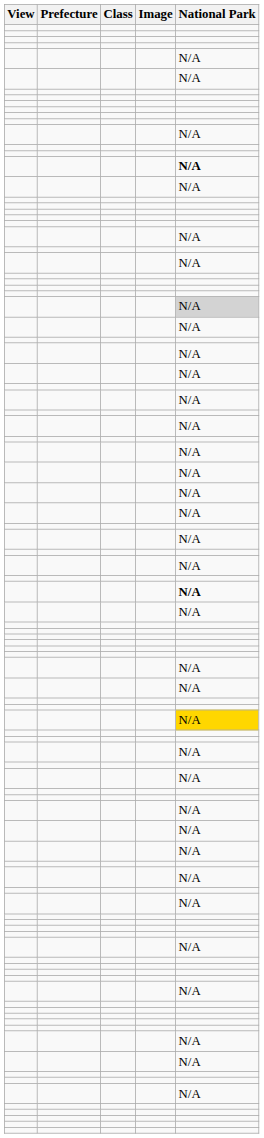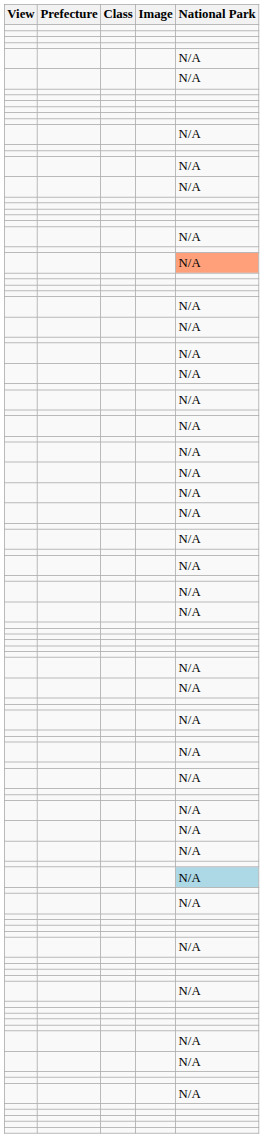 <table class="wikitable sortable">
 <tr>
 <th>View</th>
 <th>Prefecture</th>
 <th>Class</th>
 <th>Image</th>
 <th>National Park</th>
 </tr>
 <tr>
 <td></td>
 <td></td>
 <td></td>
 <td></td>
 <td></td>
 </tr>
 <tr>
 <td></td>
 <td></td>
 <td></td>
 <td></td>
 <td></td>
 </tr>
 <tr>
 <td></td>
 <td></td>
 <td></td>
 <td></td>
 <td></td>
 </tr>
 <tr>
 <td></td>
 <td></td>
 <td></td>
 <td></td>
 <td></td>
 </tr>
 <tr>
 <td></td>
 <td></td>
 <td></td>
 <td></td>
 <td>N/A</td>
 </tr>
 <tr>
 <td></td>
 <td></td>
 <td></td>
 <td></td>
 <td>N/A</td>
 </tr>
 <tr>
 <td></td>
 <td></td>
 <td></td>
 <td></td>
 <td></td>
 </tr>
 <tr>
 <td></td>
 <td></td>
 <td></td>
 <td></td>
 <td></td>
 </tr>
 <tr>
 <td></td>
 <td></td>
 <td></td>
 <td></td>
 <td></td>
 </tr>
 <tr>
 <td></td>
 <td></td>
 <td></td>
 <td></td>
 <td></td>
 </tr>
 <tr>
 <td></td>
 <td></td>
 <td></td>
 <td></td>
 <td></td>
 </tr>
 <tr>
 <td></td>
 <td></td>
 <td></td>
 <td></td>
 <td></td>
 </tr>
 <tr>
 <td></td>
 <td></td>
 <td></td>
 <td></td>
 <td>N/A</td>
 </tr>
 <tr>
 <td></td>
 <td></td>
 <td></td>
 <td></td>
 <td></td>
 </tr>
 <tr>
 <td></td>
 <td></td>
 <td></td>
 <td></td>
 <td></td>
 </tr>
 <tr>
 <td></td>
 <td></td>
 <td></td>
 <td></td>
-<td><strong>N/A</strong></td>
+<td>N/A</td>
 </tr>
 <tr>
 <td></td>
 <td></td>
 <td></td>
 <td></td>
 <td>N/A</td>
 </tr>
 <tr>
 <td></td>
 <td></td>
 <td></td>
 <td></td>
 <td></td>
 </tr>
 <tr>
 <td></td>
 <td></td>
 <td></td>
 <td></td>
 <td></td>
 </tr>
 <tr>
 <td></td>
 <td></td>
 <td></td>
 <td></td>
 <td></td>
 </tr>
 <tr>
 <td></td>
 <td></td>
 <td></td>
 <td></td>
 <td></td>
 </tr>
 <tr>
 <td></td>
 <td></td>
 <td></td>
 <td></td>
 <td></td>
 </tr>
 <tr>
 <td></td>
 <td></td>
 <td></td>
 <td></td>
 <td>N/A</td>
 </tr>
 <tr>
 <td></td>
 <td></td>
 <td></td>
 <td></td>
 <td></td>
 </tr>
 <tr>
 <td></td>
 <td></td>
 <td></td>
 <td></td>
-<td>N/A</td>
+<td style="background: lightsalmon;">N/A</td>
 </tr>
 <tr>
 <td></td>
 <td></td>
 <td></td>
 <td></td>
 <td></td>
 </tr>
 <tr>
 <td></td>
 <td></td>
 <td></td>
 <td></td>
 <td></td>
 </tr>
 <tr>
 <td></td>
 <td></td>
 <td></td>
 <td></td>
 <td></td>
 </tr>
 <tr>
 <td></td>
 <td></td>
 <td></td>
 <td></td>
 <td></td>
 </tr>
 <tr>
 <td></td>
 <td></td>
 <td></td>
 <td></td>
-<td style="background: lightgrey;">N/A</td>
+<td>N/A</td>
 </tr>
 <tr>
 <td></td>
 <td></td>
 <td></td>
 <td></td>
 <td>N/A</td>
 </tr>
 <tr>
 <td></td>
 <td></td>
 <td></td>
 <td></td>
 <td></td>
 </tr>
 <tr>
 <td></td>
 <td></td>
 <td></td>
 <td></td>
 <td>N/A</td>
 </tr>
 <tr>
 <td></td>
 <td></td>
 <td></td>
 <td></td>
 <td>N/A</td>
 </tr>
 <tr>
 <td></td>
 <td></td>
 <td></td>
 <td></td>
 <td></td>
 </tr>
 <tr>
 <td></td>
 <td></td>
 <td></td>
 <td></td>
 <td>N/A</td>
 </tr>
 <tr>
 <td></td>
 <td></td>
 <td></td>
 <td></td>
 <td></td>
 </tr>
 <tr>
 <td></td>
 <td></td>
 <td></td>
 <td></td>
 <td>N/A</td>
 </tr>
 <tr>
 <td></td>
 <td></td>
 <td></td>
 <td></td>
 <td></td>
 </tr>
 <tr>
 <td></td>
 <td></td>
 <td></td>
 <td></td>
 <td>N/A</td>
 </tr>
 <tr>
 <td></td>
 <td></td>
 <td></td>
 <td></td>
 <td>N/A</td>
 </tr>
 <tr>
 <td></td>
 <td></td>
 <td></td>
 <td></td>
 <td>N/A</td>
 </tr>
 <tr>
 <td></td>
 <td></td>
 <td></td>
 <td></td>
 <td>N/A</td>
 </tr>
 <tr>
 <td></td>
 <td></td>
 <td></td>
 <td></td>
 <td></td>
 </tr>
 <tr>
 <td></td>
 <td></td>
 <td></td>
 <td></td>
 <td>N/A</td>
 </tr>
 <tr>
 <td></td>
 <td></td>
 <td></td>
 <td></td>
 <td></td>
 </tr>
 <tr>
 <td></td>
 <td></td>
 <td></td>
 <td></td>
 <td>N/A</td>
 </tr>
 <tr>
 <td></td>
 <td></td>
 <td></td>
 <td></td>
 <td></td>
 </tr>
 <tr>
 <td></td>
 <td></td>
 <td></td>
 <td></td>
-<td><strong>N/A</strong></td>
+<td>N/A</td>
 </tr>
 <tr>
 <td></td>
 <td></td>
 <td></td>
 <td></td>
 <td>N/A</td>
 </tr>
 <tr>
 <td></td>
 <td></td>
 <td></td>
 <td></td>
 <td></td>
 </tr>
 <tr>
 <td></td>
 <td></td>
 <td></td>
 <td></td>
 <td></td>
 </tr>
 <tr>
 <td></td>
 <td></td>
 <td></td>
 <td></td>
 <td></td>
 </tr>
 <tr>
 <td></td>
 <td></td>
 <td></td>
 <td></td>
 <td></td>
 </tr>
 <tr>
 <td></td>
 <td></td>
 <td></td>
 <td></td>
 <td></td>
 </tr>
 <tr>
 <td></td>
 <td></td>
 <td></td>
 <td></td>
 <td></td>
 </tr>
 <tr>
 <td></td>
 <td></td>
 <td></td>
 <td></td>
 <td>N/A</td>
 </tr>
 <tr>
 <td></td>
 <td></td>
 <td></td>
 <td></td>
 <td>N/A</td>
 </tr>
 <tr>
 <td></td>
 <td></td>
 <td></td>
 <td></td>
 <td></td>
 </tr>
 <tr>
 <td></td>
 <td></td>
 <td></td>
 <td></td>
 <td></td>
 </tr>
 <tr>
 <td></td>
 <td></td>
 <td></td>
 <td></td>
-<td style="background: gold;">N/A</td>
+<td>N/A</td>
 </tr>
 <tr>
 <td></td>
 <td></td>
 <td></td>
 <td></td>
 <td></td>
 </tr>
 <tr>
 <td></td>
 <td></td>
 <td></td>
 <td></td>
 <td></td>
 </tr>
 <tr>
 <td></td>
 <td></td>
 <td></td>
 <td></td>
 <td>N/A</td>
 </tr>
 <tr>
 <td></td>
 <td></td>
 <td></td>
 <td></td>
 <td></td>
 </tr>
 <tr>
 <td></td>
 <td></td>
 <td></td>
 <td></td>
 <td>N/A</td>
 </tr>
 <tr>
 <td></td>
 <td></td>
 <td></td>
 <td></td>
 <td></td>
 </tr>
 <tr>
 <td></td>
 <td></td>
 <td></td>
 <td></td>
 <td></td>
 </tr>
 <tr>
 <td></td>
 <td></td>
 <td></td>
 <td></td>
 <td>N/A</td>
 </tr>
 <tr>
 <td></td>
 <td></td>
 <td></td>
 <td></td>
 <td>N/A</td>
 </tr>
 <tr>
 <td></td>
 <td></td>
 <td></td>
 <td></td>
 <td>N/A</td>
 </tr>
 <tr>
 <td></td>
 <td></td>
 <td></td>
 <td></td>
 <td></td>
 </tr>
 <tr>
 <td></td>
 <td></td>
 <td></td>
 <td></td>
-<td>N/A</td>
+<td style="background: lightblue;">N/A</td>
 </tr>
 <tr>
 <td></td>
 <td></td>
 <td></td>
 <td></td>
 <td></td>
 </tr>
 <tr>
 <td></td>
 <td></td>
 <td></td>
 <td></td>
 <td>N/A</td>
 </tr>
 <tr>
 <td></td>
 <td></td>
 <td></td>
 <td></td>
 <td></td>
 </tr>
 <tr>
 <td></td>
 <td></td>
 <td></td>
 <td></td>
 <td></td>
 </tr>
 <tr>
 <td></td>
 <td></td>
 <td></td>
 <td></td>
 <td></td>
 </tr>
 <tr>
 <td></td>
 <td></td>
 <td></td>
 <td></td>
 <td></td>
 </tr>
 <tr>
 <td></td>
 <td></td>
 <td></td>
 <td></td>
 <td>N/A</td>
 </tr>
 <tr>
 <td></td>
 <td></td>
 <td></td>
 <td></td>
 <td></td>
 </tr>
 <tr>
 <td></td>
 <td></td>
 <td></td>
 <td></td>
 <td></td>
 </tr>
 <tr>
 <td></td>
 <td></td>
 <td></td>
 <td></td>
 <td></td>
 </tr>
 <tr>
 <td></td>
 <td></td>
 <td></td>
 <td></td>
 <td></td>
 </tr>
 <tr>
 <td></td>
 <td></td>
 <td></td>
 <td></td>
 <td>N/A</td>
 </tr>
 <tr>
 <td></td>
 <td></td>
 <td></td>
 <td></td>
 <td></td>
 </tr>
 <tr>
 <td></td>
 <td></td>
 <td></td>
 <td></td>
 <td></td>
 </tr>
 <tr>
 <td></td>
 <td></td>
 <td></td>
 <td></td>
 <td></td>
 </tr>
 <tr>
 <td></td>
 <td></td>
 <td></td>
 <td></td>
 <td></td>
 </tr>
 <tr>
 <td></td>
 <td></td>
 <td></td>
 <td></td>
 <td></td>
 </tr>
 <tr>
 <td></td>
 <td></td>
 <td></td>
 <td></td>
 <td>N/A</td>
 </tr>
 <tr>
 <td></td>
 <td></td>
 <td></td>
 <td></td>
 <td>N/A</td>
 </tr>
 <tr>
 <td></td>
 <td></td>
 <td></td>
 <td></td>
 <td></td>
 </tr>
 <tr>
 <td></td>
 <td></td>
 <td></td>
 <td></td>
 <td></td>
 </tr>
 <tr>
 <td></td>
 <td></td>
 <td></td>
 <td></td>
 <td>N/A</td>
 </tr>
 <tr>
 <td></td>
 <td></td>
 <td></td>
 <td></td>
 <td></td>
 </tr>
 <tr>
 <td></td>
 <td></td>
 <td></td>
 <td></td>
 <td></td>
 </tr>
 <tr>
 <td></td>
 <td></td>
 <td></td>
 <td></td>
 <td></td>
 </tr>
 <tr>
 <td></td>
 <td></td>
 <td></td>
 <td></td>
 <td></td>
 </tr>
 <tr>
 <td></td>
 <td></td>
 <td></td>
 <td></td>
 <td></td>
 </tr>
 </table>
